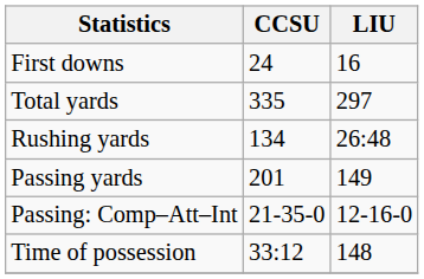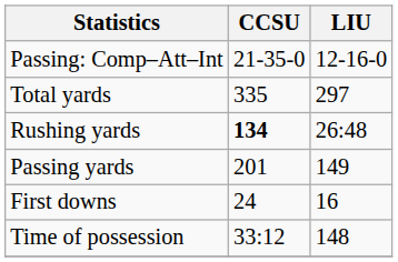 <table class="wikitable" style="float: left;">
 <tr>
 <th>Statistics</th>
 <th>CCSU</th>
 <th>LIU</th>
 </tr>
 <tr>
-<td>First downs</td>
-<td>24</td>
-<td>16</td>
+<td>Passing: Comp–Att–Int</td>
+<td>21-35-0</td>
+<td>12-16-0</td>
 </tr>
 <tr>
 <td>Total yards</td>
 <td>335</td>
 <td>297</td>
 </tr>
 <tr>
 <td>Rushing yards</td>
-<td>134</td>
+<td><strong>134</strong></td>
 <td>26:48</td>
 </tr>
 <tr>
 <td>Passing yards</td>
 <td>201</td>
 <td>149</td>
 </tr>
 <tr>
-<td>Passing: Comp–Att–Int</td>
-<td>21-35-0</td>
-<td>12-16-0</td>
+<td>First downs</td>
+<td>24</td>
+<td>16</td>
 </tr>
 <tr>
 <td>Time of possession</td>
 <td>33:12</td>
 <td>148</td>
 </tr>
 <tr>
 </tr>
 </table>
